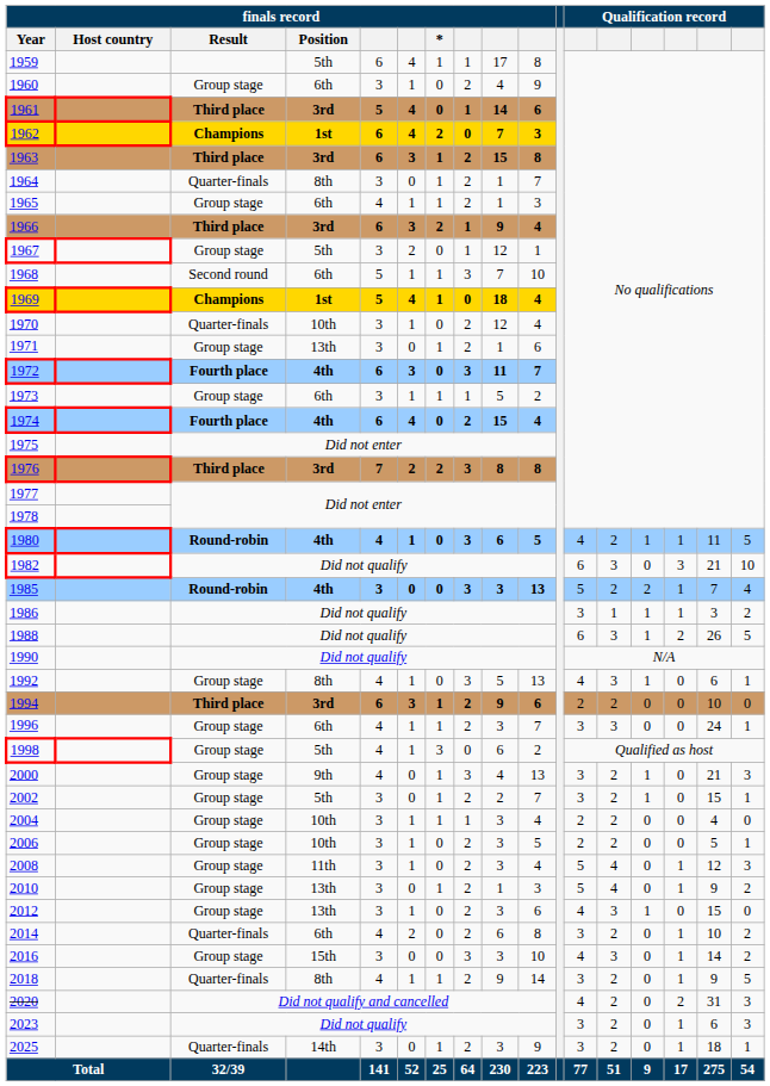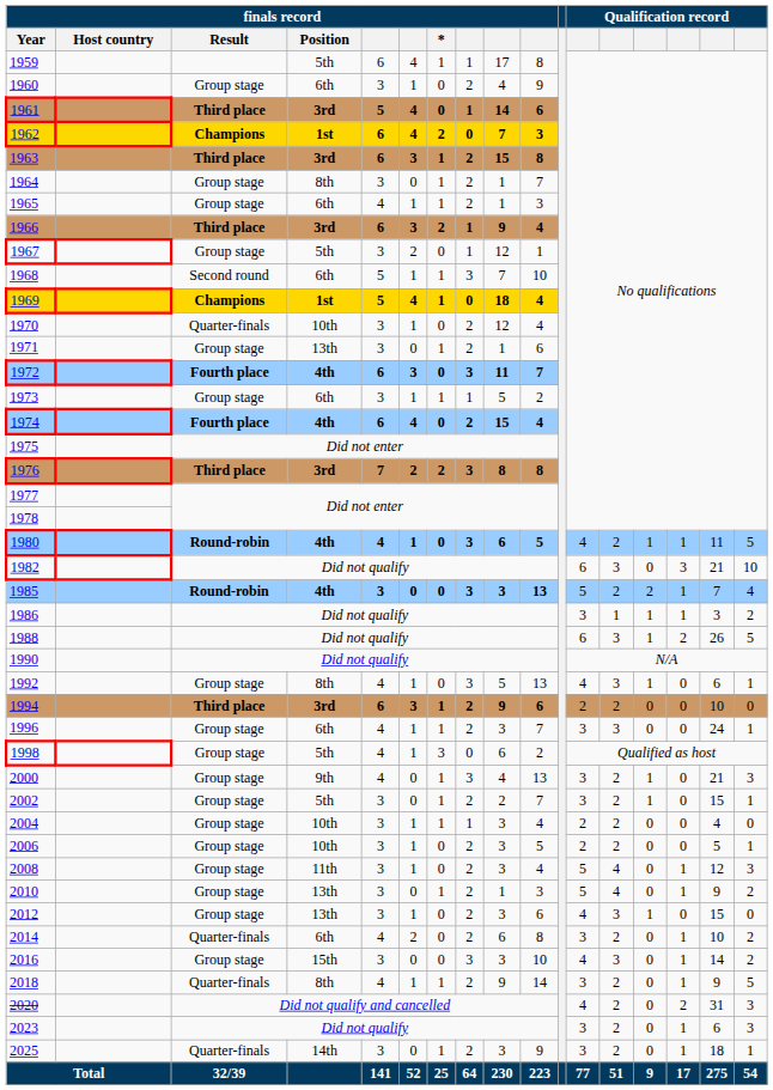 <table class="wikitable" style="text-align: center; font-size:100%; width: 850px">
 <tr>
 <th colspan=10 style="background: #013A5E; color: #FFFFFF;"><a href='#'></a> finals record</th>
 <th style="background: #013A5E; color: #FFFFFF;"></th>
 <th colspan=6 style="background: #013A5E; color: #FFFFFF;">Qualification record</th>
 </tr>
 <tr>
 <th>Year</th>
 <th>Host country</th>
 <th>Result</th>
 <th>Position</th>
 <th></th>
 <th></th>
 <th>*</th>
 <th></th>
 <th></th>
 <th></th>
 <th style="width:1%;" rowspan="44"></th>
 <th width=30></th>
 <th width=30></th>
 <th width=30></th>
 <th width=30></th>
 <th width=30></th>
 <th width=30></th>
 </tr>
 <tr>
 <td style="text-align: left"><a href='#'>1959</a></td>
 <td style="text-align: left"></td>
 <td></td>
 <td>5th</td>
 <td>6</td>
 <td>4</td>
 <td>1</td>
 <td>1</td>
 <td>17</td>
 <td>8</td>
 <td rowspan="20" colspan="6" align="center"><em>No qualifications</em></td>
 </tr>
 <tr>
 <td style="text-align: left"><a href='#'>1960</a></td>
 <td style="text-align: left"></td>
 <td>Group stage</td>
 <td>6th</td>
 <td>3</td>
 <td>1</td>
 <td>0</td>
 <td>2</td>
 <td>4</td>
 <td>9</td>
 </tr>
 <tr bgcolor="#cc9966">
 <td style="border: 3px solid red; text-align: left"><a href='#'>1961</a></td>
 <td style="border: 3px solid red; text-align: left"></td>
 <td><strong>Third place</strong></td>
 <td><strong>3rd</strong></td>
 <td><strong>5</strong></td>
 <td><strong>4</strong></td>
 <td><strong>0</strong></td>
 <td><strong>1</strong></td>
 <td><strong>14</strong></td>
 <td><strong>6</strong></td>
 </tr>
 <tr bgcolor=gold>
 <td style="border: 3px solid red; text-align: left"><a href='#'>1962</a></td>
 <td style="border: 3px solid red; text-align: left"></td>
 <td><strong>Champions</strong></td>
 <td><strong>1st</strong></td>
 <td><strong>6</strong></td>
 <td><strong>4</strong></td>
 <td><strong>2</strong></td>
 <td><strong>0</strong></td>
 <td><strong>7</strong></td>
 <td><strong>3</strong></td>
 </tr>
 <tr bgcolor="#cc9966">
 <td style="text-align: left"><a href='#'>1963</a></td>
 <td style="text-align: left"></td>
 <td><strong>Third place</strong></td>
 <td><strong>3rd</strong></td>
 <td><strong>6</strong></td>
 <td><strong>3</strong></td>
 <td><strong>1</strong></td>
 <td><strong>2</strong></td>
 <td><strong>15</strong></td>
 <td><strong>8</strong></td>
 </tr>
 <tr>
 <td style="text-align: left"><a href='#'>1964</a></td>
 <td style="text-align: left"></td>
-<td>Quarter-finals</td>
+<td>Group stage</td>
 <td>8th</td>
 <td>3</td>
 <td>0</td>
 <td>1</td>
 <td>2</td>
 <td>1</td>
 <td>7</td>
 </tr>
 <tr>
 <td style="text-align: left"><a href='#'>1965</a></td>
 <td style="text-align: left"></td>
 <td>Group stage</td>
 <td>6th</td>
 <td>4</td>
 <td>1</td>
 <td>1</td>
 <td>2</td>
 <td>1</td>
 <td>3</td>
 </tr>
 <tr bgcolor="#cc9966">
 <td style="text-align: left"><a href='#'>1966</a></td>
 <td style="text-align: left"></td>
 <td><strong>Third place</strong></td>
 <td><strong>3rd</strong></td>
 <td><strong>6</strong></td>
 <td><strong>3</strong></td>
 <td><strong>2</strong></td>
 <td><strong>1</strong></td>
 <td><strong>9</strong></td>
 <td><strong>4</strong></td>
 </tr>
 <tr>
 <td style="border: 3px solid red; text-align: left"><a href='#'>1967</a></td>
 <td style="border: 3px solid red; text-align: left"></td>
 <td>Group stage</td>
 <td>5th</td>
 <td>3</td>
 <td>2</td>
 <td>0</td>
 <td>1</td>
 <td>12</td>
 <td>1</td>
 </tr>
 <tr>
 <td style="text-align: left"><a href='#'>1968</a></td>
 <td style="text-align: left"></td>
 <td>Second round</td>
 <td>6th</td>
 <td>5</td>
 <td>1</td>
 <td>1</td>
 <td>3</td>
 <td>7</td>
 <td>10</td>
 </tr>
 <tr bgcolor=gold>
 <td style="border: 3px solid red; text-align: left"><a href='#'>1969</a></td>
 <td style="border: 3px solid red; text-align: left"></td>
 <td><strong>Champions</strong></td>
 <td><strong>1st</strong></td>
 <td><strong>5</strong></td>
 <td><strong>4</strong></td>
 <td><strong>1</strong></td>
 <td><strong>0</strong></td>
 <td><strong>18</strong></td>
 <td><strong>4</strong></td>
 </tr>
 <tr>
 <td style="text-align: left"><a href='#'>1970</a></td>
 <td style="text-align: left"></td>
 <td>Quarter-finals</td>
 <td>10th</td>
 <td>3</td>
 <td>1</td>
 <td>0</td>
 <td>2</td>
 <td>12</td>
 <td>4</td>
 </tr>
 <tr>
 <td style="text-align: left"><a href='#'>1971</a></td>
 <td style="text-align: left"></td>
 <td>Group stage</td>
 <td>13th</td>
 <td>3</td>
 <td>0</td>
 <td>1</td>
 <td>2</td>
 <td>1</td>
 <td>6</td>
 </tr>
 <tr bgcolor=#9acdff>
 <td style="border: 3px solid red; text-align: left"><a href='#'>1972</a></td>
 <td style="border: 3px solid red; text-align: left"></td>
 <td><strong>Fourth place</strong></td>
 <td><strong>4th</strong></td>
 <td><strong>6</strong></td>
 <td><strong>3</strong></td>
 <td><strong>0</strong></td>
 <td><strong>3</strong></td>
 <td><strong>11</strong></td>
 <td><strong>7</strong></td>
 </tr>
 <tr>
 <td style="text-align: left"><a href='#'>1973</a></td>
 <td style="text-align: left"></td>
 <td>Group stage</td>
 <td>6th</td>
 <td>3</td>
 <td>1</td>
 <td>1</td>
 <td>1</td>
 <td>5</td>
 <td>2</td>
 </tr>
 <tr bgcolor=#9acdff>
 <td style="border: 3px solid red; text-align: left"><a href='#'>1974</a></td>
 <td style="border: 3px solid red; text-align: left"></td>
 <td><strong>Fourth place</strong></td>
 <td><strong>4th</strong></td>
 <td><strong>6</strong></td>
 <td><strong>4</strong></td>
 <td><strong>0</strong></td>
 <td><strong>2</strong></td>
 <td><strong>15</strong></td>
 <td><strong>4</strong></td>
 </tr>
 <tr>
 <td style="text-align: left"><a href='#'>1975</a></td>
 <td style="text-align: left"></td>
 <td colspan=8><em>Did not enter</em></td>
 </tr>
 <tr bgcolor="#cc9966">
 <td style="border: 3px solid red; text-align: left"><a href='#'>1976</a></td>
 <td style="border: 3px solid red; text-align: left"></td>
 <td><strong>Third place</strong></td>
 <td><strong>3rd</strong></td>
 <td><strong>7</strong></td>
 <td><strong>2</strong></td>
 <td><strong>2</strong></td>
 <td><strong>3</strong></td>
 <td><strong>8</strong></td>
 <td><strong>8</strong></td>
 </tr>
 <tr>
 <td style="text-align: left"><a href='#'>1977</a></td>
 <td style="text-align: left"></td>
 <td rowspan=2 colspan=8><em>Did not enter</em></td>
 </tr>
 <tr>
 <td style="text-align: left"><a href='#'>1978</a></td>
 <td style="text-align: left"></td>
 </tr>
 <tr bgcolor=#9acdff>
 <td style="border: 3px solid red; text-align: left"><a href='#'>1980</a></td>
 <td style="border: 3px solid red; text-align: left"></td>
 <td><strong>Round-robin</strong></td>
 <td><strong>4th</strong></td>
 <td><strong>4</strong></td>
 <td><strong>1</strong></td>
 <td><strong>0</strong></td>
 <td><strong>3</strong></td>
 <td><strong>6</strong></td>
 <td><strong>5</strong></td>
 <td>4</td>
 <td>2</td>
 <td>1</td>
 <td>1</td>
 <td>11</td>
 <td>5</td>
 </tr>
 <tr>
 <td style="border: 3px solid red; text-align: left"><a href='#'>1982</a></td>
 <td style="border: 3px solid red; text-align: left"></td>
 <td colspan=8><em>Did not qualify</em></td>
 <td>6</td>
 <td>3</td>
 <td>0</td>
 <td>3</td>
 <td>21</td>
 <td>10</td>
 </tr>
 <tr bgcolor=#9acdff>
 <td style="text-align: left"><a href='#'>1985</a></td>
 <td style="text-align: left"></td>
 <td><strong>Round-robin</strong></td>
 <td><strong>4th</strong></td>
 <td><strong>3</strong></td>
 <td><strong>0</strong></td>
 <td><strong>0</strong></td>
 <td><strong>3</strong></td>
 <td><strong>3</strong></td>
 <td><strong>13</strong></td>
 <td>5</td>
 <td>2</td>
 <td>2</td>
 <td>1</td>
 <td>7</td>
 <td>4</td>
 </tr>
 <tr>
 <td style="text-align: left"><a href='#'>1986</a></td>
 <td style="text-align: left"></td>
 <td colspan=8><em>Did not qualify</em></td>
 <td>3</td>
 <td>1</td>
 <td>1</td>
 <td>1</td>
 <td>3</td>
 <td>2</td>
 </tr>
 <tr>
 <td style="text-align: left"><a href='#'>1988</a></td>
 <td style="text-align: left"></td>
 <td colspan=8><em>Did not qualify</em></td>
 <td>6</td>
 <td>3</td>
 <td>1</td>
 <td>2</td>
 <td>26</td>
 <td>5</td>
 </tr>
 <tr>
 <td style="text-align: left"><a href='#'>1990</a></td>
 <td style="text-align: left"></td>
 <td colspan=8><em><a href='#'>Did not qualify</a></em></td>
 <td colspan=6><em>N/A</em></td>
 </tr>
 <tr>
 <td style="text-align: left"><a href='#'>1992</a></td>
 <td style="text-align: left"></td>
 <td>Group stage</td>
 <td>8th</td>
 <td>4</td>
 <td>1</td>
 <td>0</td>
 <td>3</td>
 <td>5</td>
 <td>13</td>
 <td>4</td>
 <td>3</td>
 <td>1</td>
 <td>0</td>
 <td>6</td>
 <td>1</td>
 </tr>
 <tr bgcolor="#cc9966">
 <td style="text-align: left"><a href='#'>1994</a></td>
 <td style="text-align: left"></td>
 <td><strong>Third place</strong></td>
 <td><strong>3rd</strong></td>
 <td><strong>6</strong></td>
 <td><strong>3</strong></td>
 <td><strong>1</strong></td>
 <td><strong>2</strong></td>
 <td><strong>9</strong></td>
 <td><strong>6</strong></td>
 <td>2</td>
 <td>2</td>
 <td>0</td>
 <td>0</td>
 <td>10</td>
 <td>0</td>
 </tr>
 <tr>
 <td style="text-align: left"><a href='#'>1996</a></td>
 <td style="text-align: left"></td>
 <td>Group stage</td>
 <td>6th</td>
 <td>4</td>
 <td>1</td>
 <td>1</td>
 <td>2</td>
 <td>3</td>
 <td>7</td>
 <td>3</td>
 <td>3</td>
 <td>0</td>
 <td>0</td>
 <td>24</td>
 <td>1</td>
 </tr>
 <tr>
 <td style="border: 3px solid red; text-align: left"><a href='#'>1998</a></td>
 <td style="border: 3px solid red; text-align: left"></td>
 <td>Group stage</td>
 <td>5th</td>
 <td>4</td>
 <td>1</td>
 <td>3</td>
 <td>0</td>
 <td>6</td>
 <td>2</td>
 <td colspan=6><em>Qualified as host</em></td>
 </tr>
 <tr>
 <td style="text-align: left"><a href='#'>2000</a></td>
 <td style="text-align: left"></td>
 <td>Group stage</td>
 <td>9th</td>
 <td>4</td>
 <td>0</td>
 <td>1</td>
 <td>3</td>
 <td>4</td>
 <td>13</td>
 <td>3</td>
 <td>2</td>
 <td>1</td>
 <td>0</td>
 <td>21</td>
 <td>3</td>
 </tr>
 <tr>
 <td style="text-align: left"><a href='#'>2002</a></td>
 <td style="text-align: left"></td>
 <td>Group stage</td>
 <td>5th</td>
 <td>3</td>
 <td>0</td>
 <td>1</td>
 <td>2</td>
 <td>2</td>
 <td>7</td>
 <td>3</td>
 <td>2</td>
 <td>1</td>
 <td>0</td>
 <td>15</td>
 <td>1</td>
 </tr>
 <tr>
 <td style="text-align: left"><a href='#'>2004</a></td>
 <td style="text-align: left"></td>
 <td>Group stage</td>
 <td>10th</td>
 <td>3</td>
 <td>1</td>
 <td>1</td>
 <td>1</td>
 <td>3</td>
 <td>4</td>
 <td>2</td>
 <td>2</td>
 <td>0</td>
 <td>0</td>
 <td>4</td>
 <td>0</td>
 </tr>
 <tr>
 <td style="text-align: left"><a href='#'>2006</a></td>
 <td style="text-align: left"></td>
 <td>Group stage</td>
 <td>10th</td>
 <td>3</td>
 <td>1</td>
 <td>0</td>
 <td>2</td>
 <td>3</td>
 <td>5</td>
 <td>2</td>
 <td>2</td>
 <td>0</td>
 <td>0</td>
 <td>5</td>
 <td>1</td>
 </tr>
 <tr>
 <td style="text-align: left"><a href='#'>2008</a></td>
 <td style="text-align: left"></td>
 <td>Group stage</td>
 <td>11th</td>
 <td>3</td>
 <td>1</td>
 <td>0</td>
 <td>2</td>
 <td>3</td>
 <td>4</td>
 <td>5</td>
 <td>4</td>
 <td>0</td>
 <td>1</td>
 <td>12</td>
 <td>3</td>
 </tr>
 <tr>
 <td style="text-align: left"><a href='#'>2010</a></td>
 <td style="text-align: left"></td>
 <td>Group stage</td>
 <td>13th</td>
 <td>3</td>
 <td>0</td>
 <td>1</td>
 <td>2</td>
 <td>1</td>
 <td>3</td>
 <td>5</td>
 <td>4</td>
 <td>0</td>
 <td>1</td>
 <td>9</td>
 <td>2</td>
 </tr>
 <tr>
 <td style="text-align: left"><a href='#'>2012</a></td>
 <td style="text-align: left"></td>
 <td>Group stage</td>
 <td>13th</td>
 <td>3</td>
 <td>1</td>
 <td>0</td>
 <td>2</td>
 <td>3</td>
 <td>6</td>
 <td>4</td>
 <td>3</td>
 <td>1</td>
 <td>0</td>
 <td>15</td>
 <td>0</td>
 </tr>
 <tr>
 <td style="text-align: left"><a href='#'>2014</a></td>
 <td style="text-align: left"></td>
 <td>Quarter-finals</td>
 <td>6th</td>
 <td>4</td>
 <td>2</td>
 <td>0</td>
 <td>2</td>
 <td>6</td>
 <td>8</td>
 <td>3</td>
 <td>2</td>
 <td>0</td>
 <td>1</td>
 <td>10</td>
 <td>2</td>
 </tr>
 <tr>
 <td style="text-align: left"><a href='#'>2016</a></td>
 <td style="text-align: left"></td>
 <td>Group stage</td>
 <td>15th</td>
 <td>3</td>
 <td>0</td>
 <td>0</td>
 <td>3</td>
 <td>3</td>
 <td>10</td>
 <td>4</td>
 <td>3</td>
 <td>0</td>
 <td>1</td>
 <td>14</td>
 <td>2</td>
 </tr>
 <tr>
 <td style="text-align: left"><a href='#'>2018</a></td>
 <td style="text-align: left"></td>
 <td>Quarter-finals</td>
 <td>8th</td>
 <td>4</td>
 <td>1</td>
 <td>1</td>
 <td>2</td>
 <td>9</td>
 <td>14</td>
 <td>3</td>
 <td>2</td>
 <td>0</td>
 <td>1</td>
 <td>9</td>
 <td>5</td>
 </tr>
 <tr>
 <td style="text-align: left"><s> <a href='#'>2020</a> </s></td>
 <td style="text-align: left"></td>
 <td colspan=8><em><a href='#'>Did not qualify and cancelled</a></em></td>
 <td>4</td>
 <td>2</td>
 <td>0</td>
 <td>2</td>
 <td>31</td>
 <td>3</td>
 </tr>
 <tr>
 <td style="text-align: left"><a href='#'>2023</a></td>
 <td style="text-align: left"></td>
 <td colspan="8" style="text-align:center"><em><a href='#'>Did not qualify</a></em></td>
 <td>3</td>
 <td>2</td>
 <td>0</td>
 <td>1</td>
 <td>6</td>
 <td>3</td>
 </tr>
 <tr>
 <td style="text-align: left"><a href='#'>2025</a></td>
 <td style="text-align: left"></td>
 <td>Quarter-finals</td>
 <td>14th</td>
 <td>3</td>
 <td>0</td>
 <td>1</td>
 <td>2</td>
 <td>3</td>
 <td>9</td>
 <td>3</td>
 <td>2</td>
 <td>0</td>
 <td>1</td>
 <td>18</td>
 <td>1</td>
 </tr>
 <tr>
 <td colspan=2 style="background: #013A5E; color: #FFFFFF;"><strong>Total</strong></td>
 <td style="background: #013A5E; color: #FFFFFF;"><strong>32/39</strong></td>
 <td style="background: #013A5E; color: #FFFFFF;"><strong></strong></td>
 <td style="background: #013A5E; color: #FFFFFF;"><strong>141</strong></td>
 <td style="background: #013A5E; color: #FFFFFF;"><strong>52</strong></td>
 <td style="background: #013A5E; color: #FFFFFF;"><strong>25</strong></td>
 <td style="background: #013A5E; color: #FFFFFF;"><strong>64</strong></td>
 <td style="background: #013A5E; color: #FFFFFF;"><strong>230</strong></td>
 <td style="background: #013A5E; color: #FFFFFF;"><strong>223</strong></td>
 <td style="background: #013A5E; color: #FFFFFF;"></td>
 <td style="background: #013A5E; color: #FFFFFF;"><strong>77</strong></td>
 <td style="background: #013A5E; color: #FFFFFF;"><strong>51</strong></td>
 <td style="background: #013A5E; color: #FFFFFF;"><strong>9</strong></td>
 <td style="background: #013A5E; color: #FFFFFF;"><strong>17</strong></td>
 <td style="background: #013A5E; color: #FFFFFF;"><strong>275</strong></td>
 <td style="background: #013A5E; color: #FFFFFF;"><strong>54</strong></td>
 </tr>
 </table>
